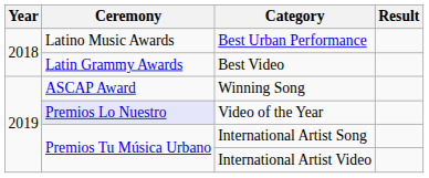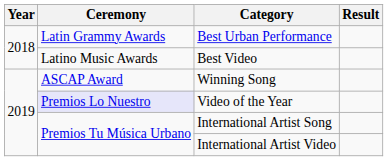 <table class="wikitable plainrowheaders">
 <tr>
 <th scope="col">Year</th>
 <th scope="col">Ceremony</th>
 <th scope="col">Category</th>
 <th scope="col">Result</th>
 </tr>
 <tr>
 <td rowspan="2">2018</td>
-<td>Latino Music Awards</td>
+<td><a href='#'>Latin Grammy Awards</a></td>
 <td><a href='#'>Best Urban Performance</a></td>
 <td></td>
 </tr>
 <tr>
-<td><a href='#'>Latin Grammy Awards</a></td>
+<td>Latino Music Awards</td>
 <td>Best Video</td>
 <td></td>
 </tr>
 <tr>
 <td rowspan="4">2019</td>
 <td><a href='#'>ASCAP Award</a></td>
 <td>Winning Song</td>
 <td></td>
 </tr>
 <tr>
 <td style="background: lavender;"><a href='#'>Premios Lo Nuestro</a></td>
 <td>Video of the Year</td>
 <td></td>
 </tr>
 <tr>
 <td rowspan="2"><a href='#'>Premios Tu Música Urbano</a></td>
 <td>International Artist Song</td>
 <td></td>
 </tr>
 <tr>
 <td>International Artist Video</td>
 <td></td>
 </tr>
 </table>
